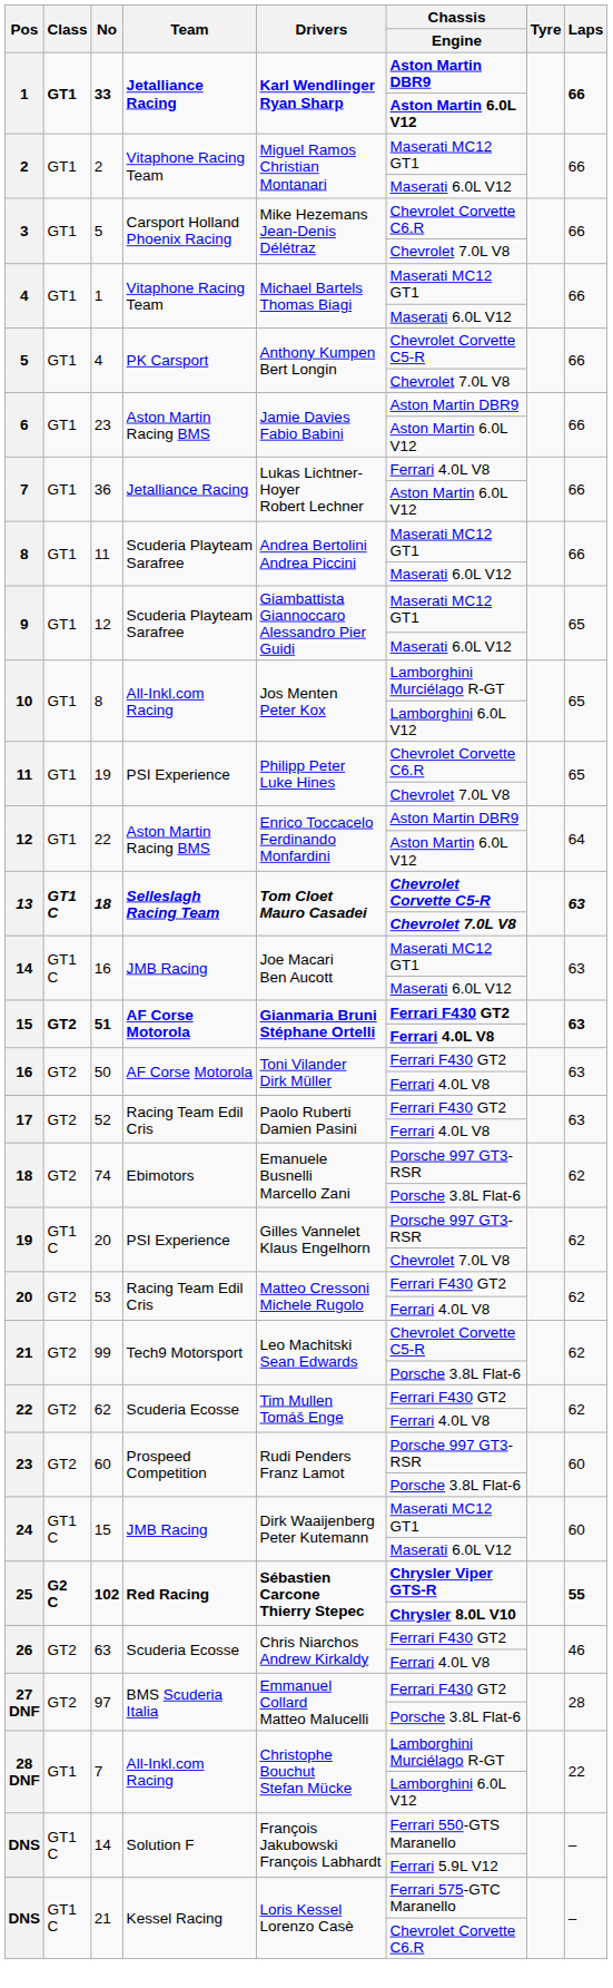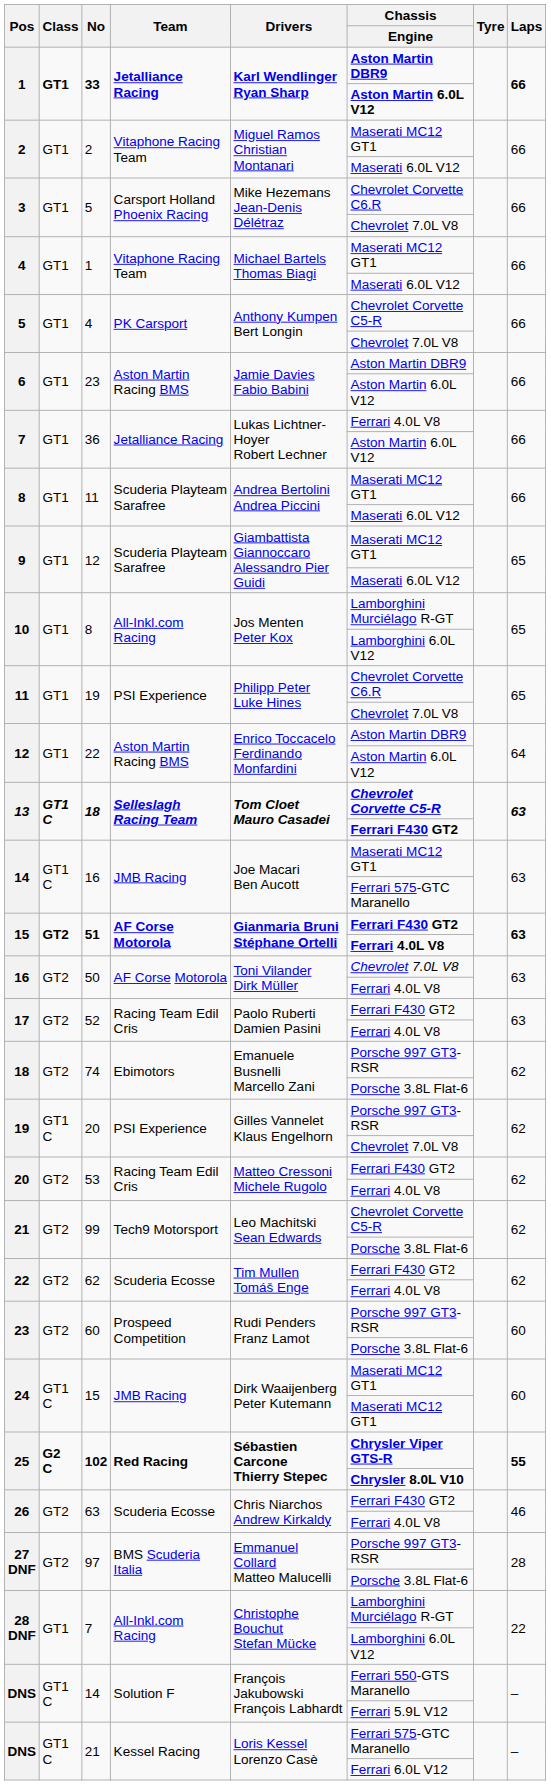 <table class="wikitable" style="font-size: 95%;">
 <tr>
 <th rowspan=2>Pos</th>
 <th rowspan=2>Class</th>
 <th rowspan=2>No</th>
 <th rowspan=2>Team</th>
 <th rowspan=2>Drivers</th>
 <th>Chassis</th>
 <th rowspan=2>Tyre</th>
 <th rowspan=2>Laps</th>
 </tr>
 <tr>
 <th>Engine</th>
 </tr>
 <tr style="font-weight:bold">
 <th rowspan=2>1</th>
 <td rowspan=2>GT1</td>
 <td rowspan=2>33</td>
 <td rowspan=2> <a href='#'>Jetalliance Racing</a></td>
 <td rowspan=2> <a href='#'>Karl Wendlinger</a><br> <a href='#'>Ryan Sharp</a></td>
 <td><a href='#'>Aston Martin DBR9</a></td>
 <td rowspan=2></td>
 <td rowspan=2>66</td>
 </tr>
 <tr style="font-weight:bold">
 <td><a href='#'>Aston Martin</a> 6.0L V12</td>
 </tr>
 <tr>
 <th rowspan=2>2</th>
 <td rowspan=2>GT1</td>
 <td rowspan=2>2</td>
 <td rowspan=2> <a href='#'>Vitaphone Racing</a> Team</td>
 <td rowspan=2> <a href='#'>Miguel Ramos</a><br> <a href='#'>Christian Montanari</a></td>
 <td><a href='#'>Maserati MC12</a> GT1</td>
 <td rowspan=2></td>
 <td rowspan=2>66</td>
 </tr>
 <tr>
 <td><a href='#'>Maserati</a> 6.0L V12</td>
 </tr>
 <tr>
 <th rowspan=2>3</th>
 <td rowspan=2>GT1</td>
 <td rowspan=2>5</td>
 <td rowspan=2> Carsport Holland<br> <a href='#'>Phoenix Racing</a></td>
 <td rowspan=2> Mike Hezemans<br> <a href='#'>Jean-Denis Délétraz</a></td>
 <td><a href='#'>Chevrolet Corvette C6.R</a></td>
 <td rowspan=2></td>
 <td rowspan=2>66</td>
 </tr>
 <tr>
 <td><a href='#'>Chevrolet</a> 7.0L V8</td>
 </tr>
 <tr>
 <th rowspan=2>4</th>
 <td rowspan=2>GT1</td>
 <td rowspan=2>1</td>
 <td rowspan=2> <a href='#'>Vitaphone Racing</a> Team</td>
 <td rowspan=2> <a href='#'>Michael Bartels</a><br> <a href='#'>Thomas Biagi</a></td>
 <td><a href='#'>Maserati MC12</a> GT1</td>
 <td rowspan=2></td>
 <td rowspan=2>66</td>
 </tr>
 <tr>
 <td><a href='#'>Maserati</a> 6.0L V12</td>
 </tr>
 <tr>
 <th rowspan=2>5</th>
 <td rowspan=2>GT1</td>
 <td rowspan=2>4</td>
 <td rowspan=2> <a href='#'>PK Carsport</a></td>
 <td rowspan=2> <a href='#'>Anthony Kumpen</a><br> Bert Longin</td>
 <td><a href='#'>Chevrolet Corvette C5-R</a></td>
 <td rowspan=2></td>
 <td rowspan=2>66</td>
 </tr>
 <tr>
 <td><a href='#'>Chevrolet</a> 7.0L V8</td>
 </tr>
 <tr>
 <th rowspan=2>6</th>
 <td rowspan=2>GT1</td>
 <td rowspan=2>23</td>
 <td rowspan=2> <a href='#'>Aston Martin</a> Racing <a href='#'>BMS</a></td>
 <td rowspan=2> <a href='#'>Jamie Davies</a><br> <a href='#'>Fabio Babini</a></td>
 <td><a href='#'>Aston Martin DBR9</a></td>
 <td rowspan=2></td>
 <td rowspan=2>66</td>
 </tr>
 <tr>
 <td><a href='#'>Aston Martin</a> 6.0L V12</td>
 </tr>
 <tr>
 <th rowspan=2>7</th>
 <td rowspan=2>GT1</td>
 <td rowspan=2>36</td>
 <td rowspan=2> <a href='#'>Jetalliance Racing</a></td>
 <td rowspan=2> Lukas Lichtner-Hoyer<br> Robert Lechner</td>
 <td><a href='#'>Ferrari</a> 4.0L V8</td>
 <td rowspan=2></td>
 <td rowspan=2>66</td>
 </tr>
 <tr>
 <td><a href='#'>Aston Martin</a> 6.0L V12</td>
 </tr>
 <tr>
 <th rowspan=2>8</th>
 <td rowspan=2>GT1</td>
 <td rowspan=2>11</td>
 <td rowspan=2> Scuderia Playteam Sarafree</td>
 <td rowspan=2> <a href='#'>Andrea Bertolini</a><br> <a href='#'>Andrea Piccini</a></td>
 <td><a href='#'>Maserati MC12</a> GT1</td>
 <td rowspan=2></td>
 <td rowspan=2>66</td>
 </tr>
 <tr>
 <td><a href='#'>Maserati</a> 6.0L V12</td>
 </tr>
 <tr>
 <th rowspan=2>9</th>
 <td rowspan=2>GT1</td>
 <td rowspan=2>12</td>
 <td rowspan=2> Scuderia Playteam Sarafree</td>
 <td rowspan=2> <a href='#'>Giambattista Giannoccaro</a><br> <a href='#'>Alessandro Pier Guidi</a></td>
 <td><a href='#'>Maserati MC12</a> GT1</td>
 <td rowspan=2></td>
 <td rowspan=2>65</td>
 </tr>
 <tr>
 <td><a href='#'>Maserati</a> 6.0L V12</td>
 </tr>
 <tr>
 <th rowspan=2>10</th>
 <td rowspan=2>GT1</td>
 <td rowspan=2>8</td>
 <td rowspan=2> <a href='#'>All-Inkl.com Racing</a></td>
 <td rowspan=2> Jos Menten<br> <a href='#'>Peter Kox</a></td>
 <td><a href='#'>Lamborghini Murciélago</a> R-GT</td>
 <td rowspan=2></td>
 <td rowspan=2>65</td>
 </tr>
 <tr>
 <td><a href='#'>Lamborghini</a> 6.0L V12</td>
 </tr>
 <tr>
 <th rowspan=2>11</th>
 <td rowspan=2>GT1</td>
 <td rowspan=2>19</td>
 <td rowspan=2> PSI Experience</td>
 <td rowspan=2> <a href='#'>Philipp Peter</a><br> <a href='#'>Luke Hines</a></td>
 <td><a href='#'>Chevrolet Corvette C6.R</a></td>
 <td rowspan=2></td>
 <td rowspan=2>65</td>
 </tr>
 <tr>
 <td><a href='#'>Chevrolet</a> 7.0L V8</td>
 </tr>
 <tr>
 <th rowspan=2>12</th>
 <td rowspan=2>GT1</td>
 <td rowspan=2>22</td>
 <td rowspan=2> <a href='#'>Aston Martin</a> Racing <a href='#'>BMS</a></td>
 <td rowspan=2> <a href='#'>Enrico Toccacelo</a><br> <a href='#'>Ferdinando Monfardini</a></td>
 <td><a href='#'>Aston Martin DBR9</a></td>
 <td rowspan=2></td>
 <td rowspan=2>64</td>
 </tr>
 <tr>
 <td><a href='#'>Aston Martin</a> 6.0L V12</td>
 </tr>
 <tr style="font-weight:bold">
 <th rowspan=2><em>13</em></th>
 <td rowspan=2><em>GT1<br>C</em></td>
 <td rowspan=2><em>18</em></td>
 <td rowspan=2> <em><a href='#'>Selleslagh Racing Team</a></em></td>
 <td rowspan=2> <em>Tom Cloet<br> Mauro Casadei</em></td>
 <td><em><a href='#'>Chevrolet Corvette C5-R</a></em></td>
 <td rowspan=2></td>
 <td rowspan=2><em>63</em></td>
 </tr>
 <tr style="font-weight:bold">
-<td><em><a href='#'>Chevrolet</a> 7.0L V8</em></td>
+<td><a href='#'>Ferrari F430</a> GT2</td>
 </tr>
 <tr>
 <th rowspan=2>14</th>
 <td rowspan=2>GT1<br>C</td>
 <td rowspan=2>16</td>
 <td rowspan=2> <a href='#'>JMB Racing</a></td>
 <td rowspan=2> Joe Macari<br> Ben Aucott</td>
 <td><a href='#'>Maserati MC12</a> GT1</td>
 <td rowspan=2></td>
 <td rowspan=2>63</td>
 </tr>
 <tr>
-<td><a href='#'>Maserati</a> 6.0L V12</td>
+<td><a href='#'>Ferrari 575</a>-GTC Maranello</td>
 </tr>
 <tr style="font-weight:bold">
 <th rowspan=2>15</th>
 <td rowspan=2>GT2</td>
 <td rowspan=2>51</td>
 <td rowspan=2> <a href='#'>AF Corse</a> <a href='#'>Motorola</a></td>
 <td rowspan=2> <a href='#'>Gianmaria Bruni</a><br> <a href='#'>Stéphane Ortelli</a></td>
 <td><a href='#'>Ferrari F430</a> GT2</td>
 <td rowspan=2></td>
 <td rowspan=2>63</td>
 </tr>
 <tr style="font-weight:bold">
 <td><a href='#'>Ferrari</a> 4.0L V8</td>
 </tr>
 <tr>
 <th rowspan=2>16</th>
 <td rowspan=2>GT2</td>
 <td rowspan=2>50</td>
 <td rowspan=2> <a href='#'>AF Corse</a> <a href='#'>Motorola</a></td>
 <td rowspan=2> <a href='#'>Toni Vilander</a><br> <a href='#'>Dirk Müller</a></td>
-<td><a href='#'>Ferrari F430</a> GT2</td>
+<td><em><a href='#'>Chevrolet</a> 7.0L V8</em></td>
 <td rowspan=2></td>
 <td rowspan=2>63</td>
 </tr>
 <tr>
 <td><a href='#'>Ferrari</a> 4.0L V8</td>
 </tr>
 <tr>
 <th rowspan=2>17</th>
 <td rowspan=2>GT2</td>
 <td rowspan=2>52</td>
 <td rowspan=2> Racing Team Edil Cris</td>
 <td rowspan=2> Paolo Ruberti<br> Damien Pasini</td>
 <td><a href='#'>Ferrari F430</a> GT2</td>
 <td rowspan=2></td>
 <td rowspan=2>63</td>
 </tr>
 <tr>
 <td><a href='#'>Ferrari</a> 4.0L V8</td>
 </tr>
 <tr>
 <th rowspan=2>18</th>
 <td rowspan=2>GT2</td>
 <td rowspan=2>74</td>
 <td rowspan=2> Ebimotors</td>
 <td rowspan=2> Emanuele Busnelli<br> Marcello Zani</td>
 <td><a href='#'>Porsche 997 GT3</a>-RSR</td>
 <td rowspan=2></td>
 <td rowspan=2>62</td>
 </tr>
 <tr>
 <td><a href='#'>Porsche</a> 3.8L Flat-6</td>
 </tr>
 <tr>
 <th rowspan=2>19</th>
 <td rowspan=2>GT1<br>C</td>
 <td rowspan=2>20</td>
 <td rowspan=2> PSI Experience</td>
 <td rowspan=2> Gilles Vannelet<br> Klaus Engelhorn</td>
 <td><a href='#'>Porsche 997 GT3</a>-RSR</td>
 <td rowspan=2></td>
 <td rowspan=2>62</td>
 </tr>
 <tr>
 <td><a href='#'>Chevrolet</a> 7.0L V8</td>
 </tr>
 <tr>
 <th rowspan=2>20</th>
 <td rowspan=2>GT2</td>
 <td rowspan=2>53</td>
 <td rowspan=2> Racing Team Edil Cris</td>
 <td rowspan=2> <a href='#'>Matteo Cressoni</a><br> <a href='#'>Michele Rugolo</a></td>
 <td><a href='#'>Ferrari F430</a> GT2</td>
 <td rowspan=2></td>
 <td rowspan=2>62</td>
 </tr>
 <tr>
 <td><a href='#'>Ferrari</a> 4.0L V8</td>
 </tr>
 <tr>
 <th rowspan=2>21</th>
 <td rowspan=2>GT2</td>
 <td rowspan=2>99</td>
 <td rowspan=2> Tech9 Motorsport</td>
 <td rowspan=2> Leo Machitski<br> <a href='#'>Sean Edwards</a></td>
 <td><a href='#'>Chevrolet Corvette C5-R</a></td>
 <td rowspan=2></td>
 <td rowspan=2>62</td>
 </tr>
 <tr>
 <td><a href='#'>Porsche</a> 3.8L Flat-6</td>
 </tr>
 <tr>
 <th rowspan=2>22</th>
 <td rowspan=2>GT2</td>
 <td rowspan=2>62</td>
 <td rowspan=2> Scuderia Ecosse</td>
 <td rowspan=2> <a href='#'>Tim Mullen</a><br> <a href='#'>Tomáš Enge</a></td>
 <td><a href='#'>Ferrari F430</a> GT2</td>
 <td rowspan=2></td>
 <td rowspan=2>62</td>
 </tr>
 <tr>
 <td><a href='#'>Ferrari</a> 4.0L V8</td>
 </tr>
 <tr>
 <th rowspan=2>23</th>
 <td rowspan=2>GT2</td>
 <td rowspan=2>60</td>
 <td rowspan=2> Prospeed Competition</td>
 <td rowspan=2> Rudi Penders<br> Franz Lamot</td>
 <td><a href='#'>Porsche 997 GT3</a>-RSR</td>
 <td rowspan=2></td>
 <td rowspan=2>60</td>
 </tr>
 <tr>
 <td><a href='#'>Porsche</a> 3.8L Flat-6</td>
 </tr>
 <tr>
 <th rowspan=2>24</th>
 <td rowspan=2>GT1<br>C</td>
 <td rowspan=2>15</td>
 <td rowspan=2> <a href='#'>JMB Racing</a></td>
 <td rowspan=2> Dirk Waaijenberg<br> Peter Kutemann</td>
 <td><a href='#'>Maserati MC12</a> GT1</td>
 <td rowspan=2></td>
 <td rowspan=2>60</td>
 </tr>
 <tr>
-<td><a href='#'>Maserati</a> 6.0L V12</td>
+<td><a href='#'>Maserati MC12</a> GT1</td>
 </tr>
 <tr style="font-weight:bold">
 <th rowspan=2>25</th>
 <td rowspan=2>G2<br>C</td>
 <td rowspan=2>102</td>
 <td rowspan=2> Red Racing</td>
 <td rowspan=2> Sébastien Carcone<br> Thierry Stepec</td>
 <td><a href='#'>Chrysler Viper GTS-R</a></td>
 <td rowspan=2></td>
 <td rowspan=2>55</td>
 </tr>
 <tr style="font-weight:bold">
 <td><a href='#'>Chrysler</a> 8.0L V10</td>
 </tr>
 <tr>
 <th rowspan=2>26</th>
 <td rowspan=2>GT2</td>
 <td rowspan=2>63</td>
 <td rowspan=2> Scuderia Ecosse</td>
 <td rowspan=2> Chris Niarchos<br> <a href='#'>Andrew Kirkaldy</a></td>
 <td><a href='#'>Ferrari F430</a> GT2</td>
 <td rowspan=2></td>
 <td rowspan=2>46</td>
 </tr>
 <tr>
 <td><a href='#'>Ferrari</a> 4.0L V8</td>
 </tr>
 <tr>
 <th rowspan=2>27<br>DNF</th>
 <td rowspan=2>GT2</td>
 <td rowspan=2>97</td>
 <td rowspan=2> BMS <a href='#'>Scuderia Italia</a></td>
 <td rowspan=2> <a href='#'>Emmanuel Collard</a><br> Matteo Malucelli</td>
-<td><a href='#'>Ferrari F430</a> GT2</td>
+<td><a href='#'>Porsche 997 GT3</a>-RSR</td>
 <td rowspan=2></td>
 <td rowspan=2>28</td>
 </tr>
 <tr>
 <td><a href='#'>Porsche</a> 3.8L Flat-6</td>
 </tr>
 <tr>
 <th rowspan=2>28<br>DNF</th>
 <td rowspan=2>GT1</td>
 <td rowspan=2>7</td>
 <td rowspan=2> <a href='#'>All-Inkl.com Racing</a></td>
 <td rowspan=2> <a href='#'>Christophe Bouchut</a><br> <a href='#'>Stefan Mücke</a></td>
 <td><a href='#'>Lamborghini Murciélago</a> R-GT</td>
 <td rowspan=2></td>
 <td rowspan=2>22</td>
 </tr>
 <tr>
 <td><a href='#'>Lamborghini</a> 6.0L V12</td>
 </tr>
 <tr>
 <th rowspan=2>DNS</th>
 <td rowspan=2>GT1<br>C</td>
 <td rowspan=2>14</td>
 <td rowspan=2> Solution F</td>
 <td rowspan=2> François Jakubowski<br> François Labhardt</td>
 <td><a href='#'>Ferrari 550</a>-GTS Maranello</td>
 <td rowspan=2></td>
 <td rowspan=2>–</td>
 </tr>
 <tr>
 <td><a href='#'>Ferrari</a> 5.9L V12</td>
 </tr>
 <tr>
 <th rowspan=2>DNS</th>
 <td rowspan=2>GT1<br>C</td>
 <td rowspan=2>21</td>
 <td rowspan=2> Kessel Racing</td>
 <td rowspan=2> <a href='#'>Loris Kessel</a><br> Lorenzo Casè</td>
 <td><a href='#'>Ferrari 575</a>-GTC Maranello</td>
 <td rowspan=2></td>
 <td rowspan=2>–</td>
 </tr>
 <tr>
-<td><a href='#'>Chevrolet Corvette C6.R</a></td>
+<td><a href='#'>Ferrari</a> 6.0L V12</td>
 </tr>
 </table>
